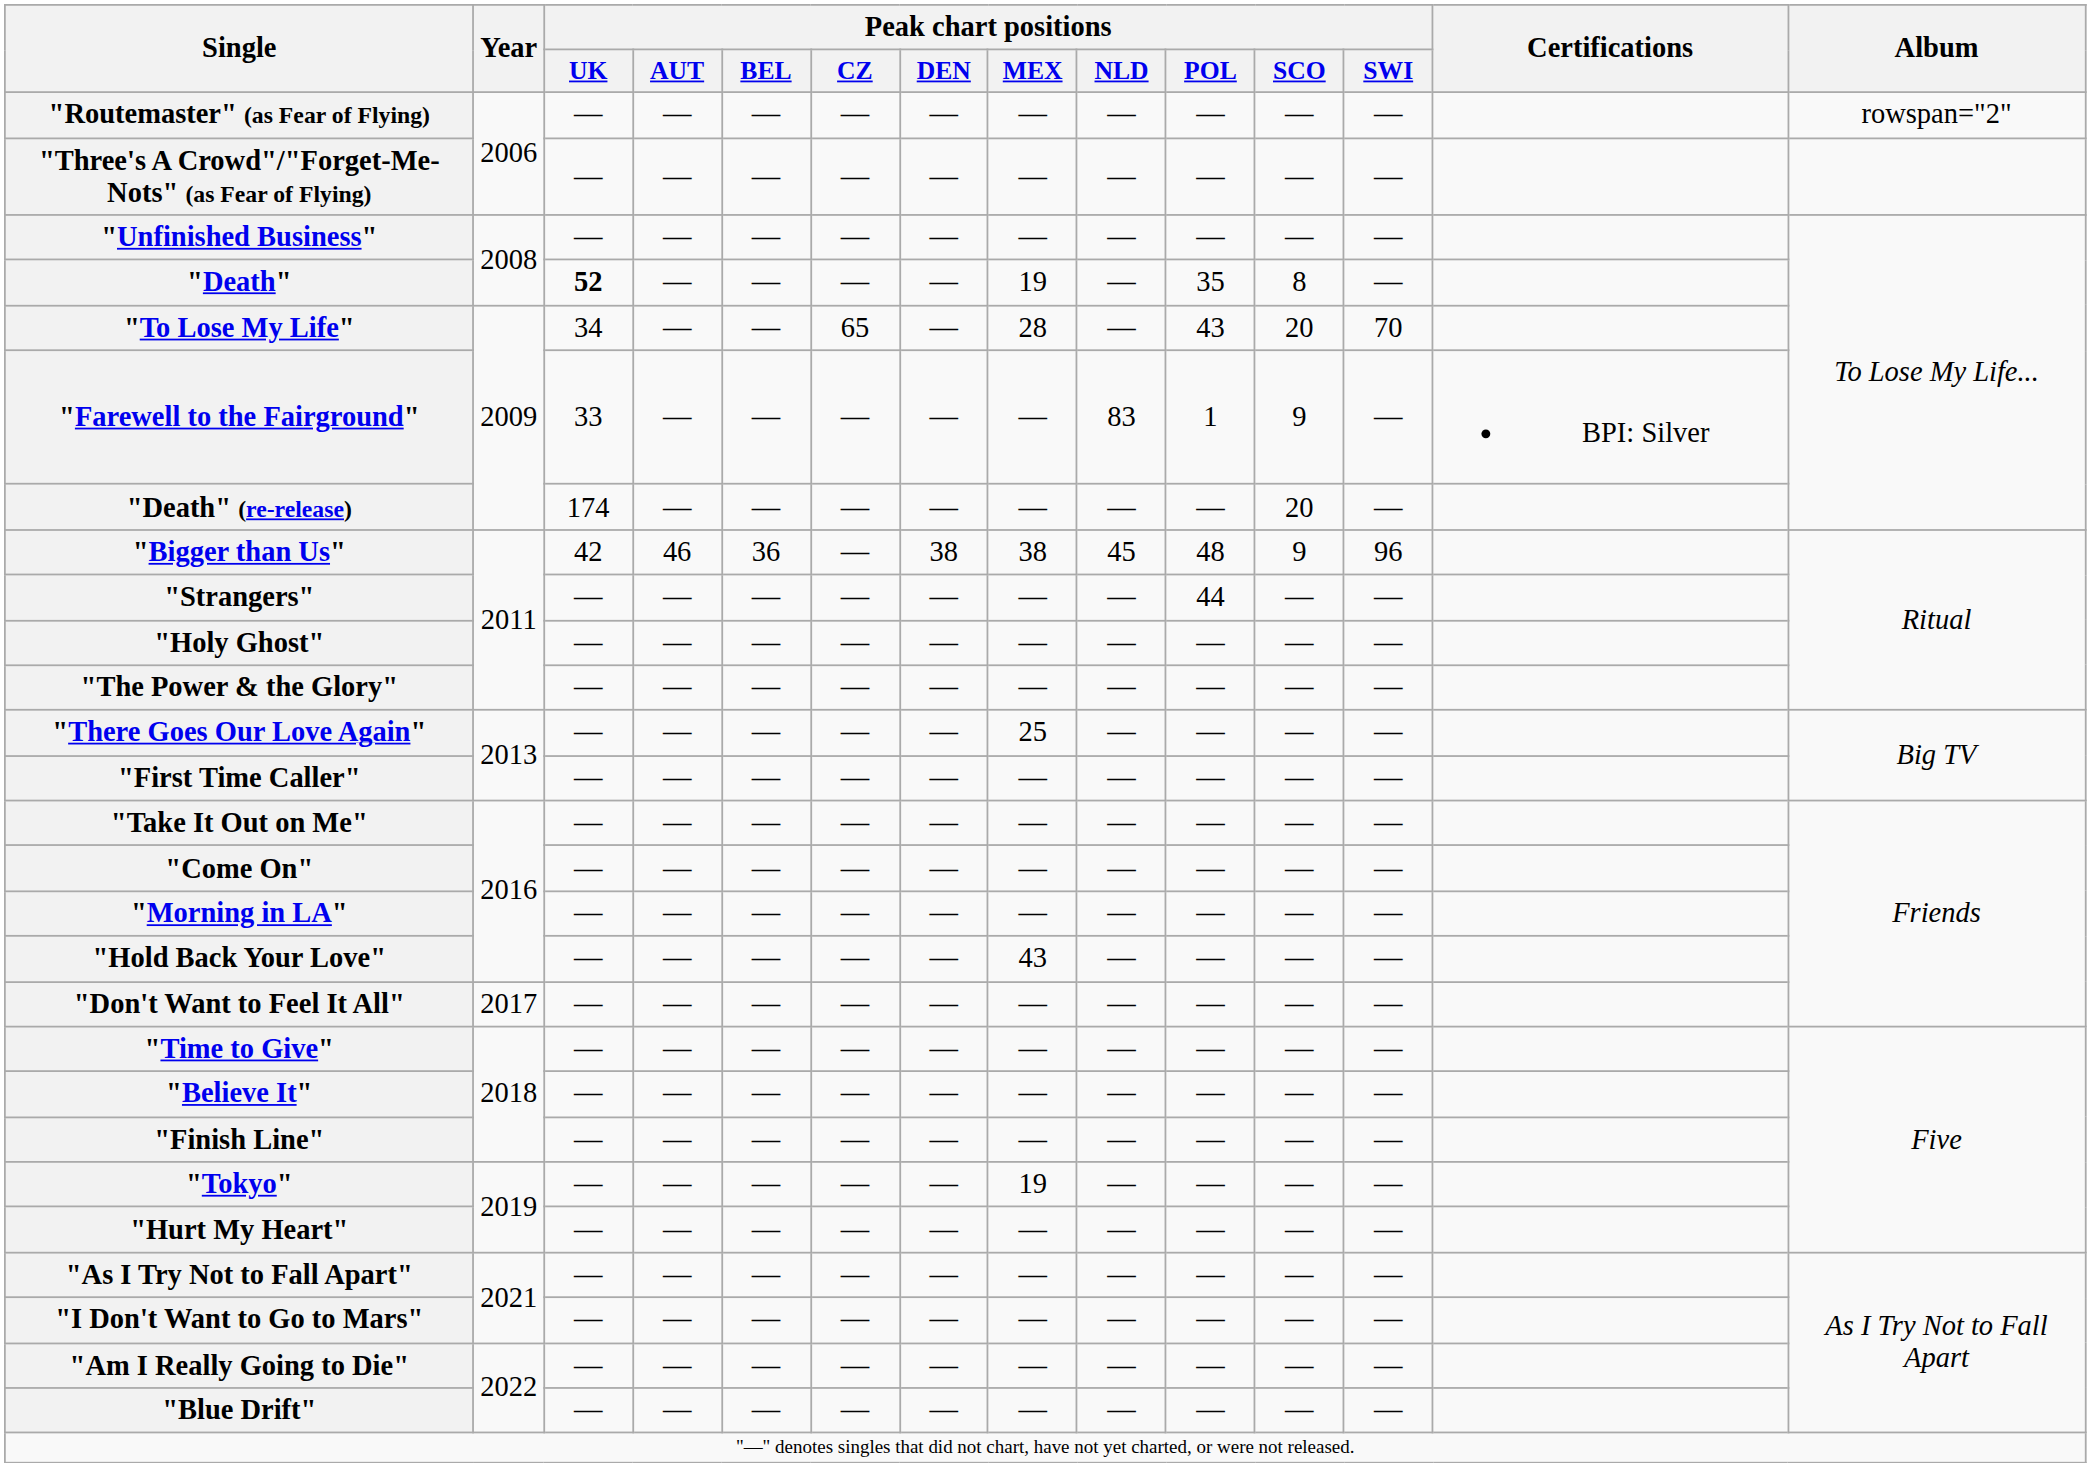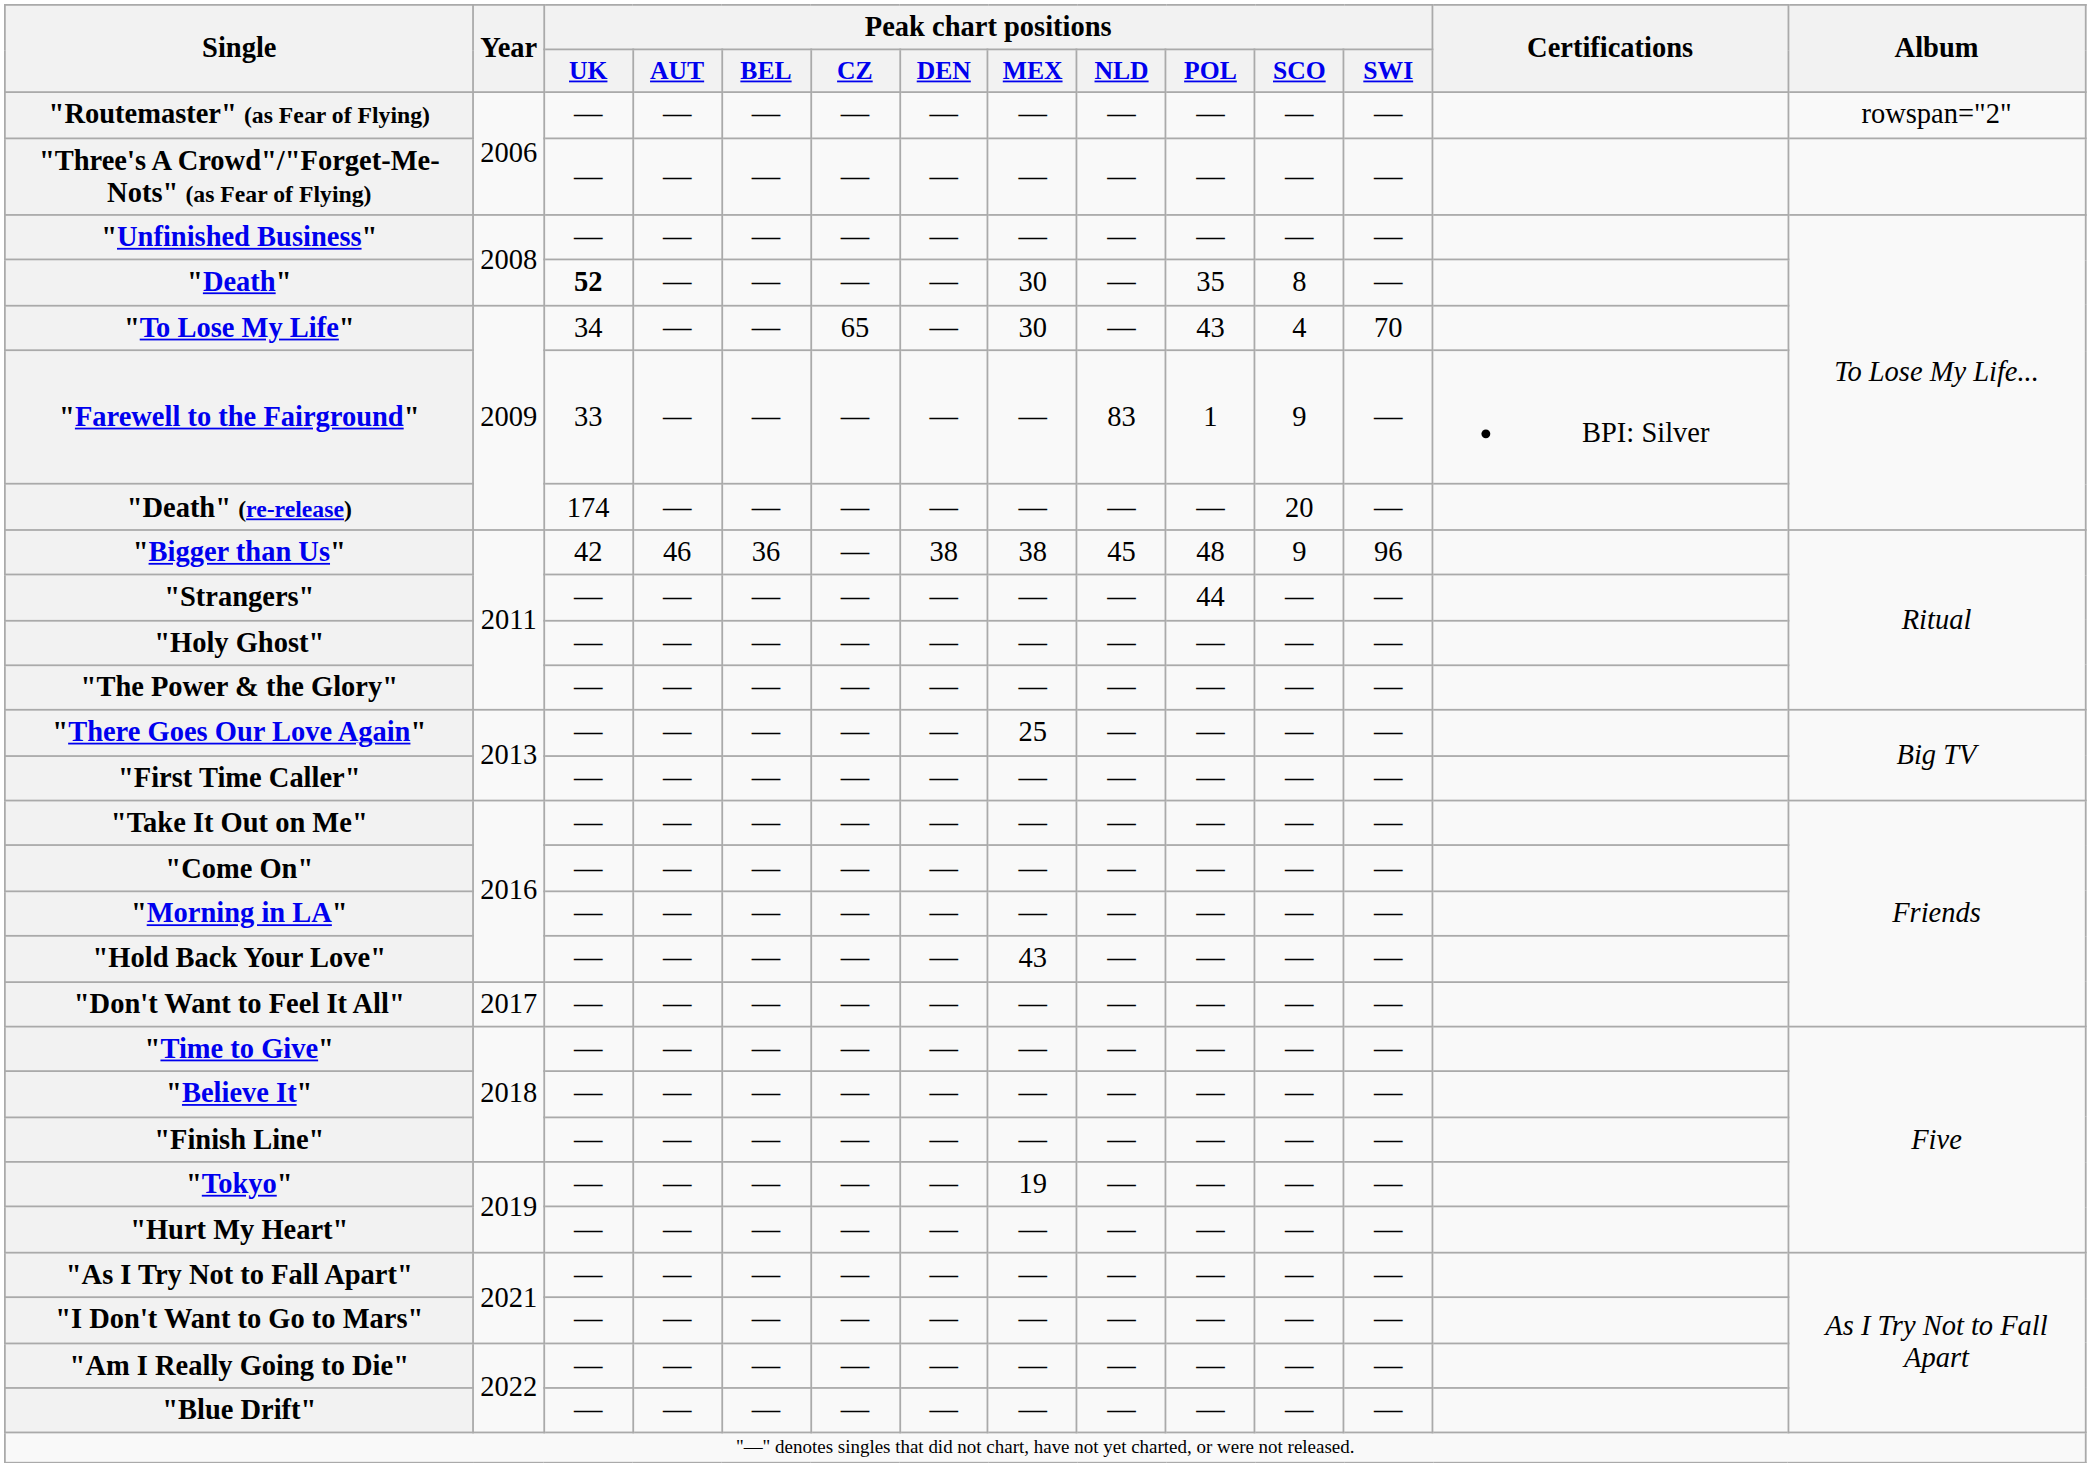 <table class="wikitable plainrowheaders" style="text-align:center;">
 <tr>
 <th scope="col" rowspan="2" style="width:16em;">Single</th>
 <th scope="col" rowspan="2">Year</th>
 <th scope="col" colspan="10">Peak chart positions</th>
 <th scope="col" rowspan="2" style="width:12em;">Certifications</th>
 <th scope="col" rowspan="2" style="width:10em;">Album</th>
 </tr>
 <tr>
 <th scope="col" style="width:3em;font-size:90%;"><a href='#'>UK</a><br></th>
 <th scope="col" style="width:3em;font-size:90%;"><a href='#'>AUT</a><br></th>
 <th scope="col" style="width:3em;font-size:90%;"><a href='#'>BEL</a><br></th>
 <th scope="col" style="width:3em;font-size:90%;"><a href='#'>CZ</a><br></th>
 <th scope="col" style="width:3em;font-size:90%;"><a href='#'>DEN</a><br></th>
 <th scope="col" style="width:3em;font-size:90%;"><a href='#'>MEX</a><br></th>
 <th scope="col" style="width:3em;font-size:90%;"><a href='#'>NLD</a><br></th>
 <th scope="col" style="width:3em;font-size:90%;"><a href='#'>POL</a><br></th>
 <th scope="col" style="width:3em;font-size:90%;"><a href='#'>SCO</a><br></th>
 <th scope="col" style="width:3em;font-size:90%;"><a href='#'>SWI</a><br></th>
 </tr>
 <tr>
 <th scope="row">"Routemaster" <small>(as Fear of Flying)</small></th>
 <td rowspan="2">2006</td>
 <td>—</td>
 <td>—</td>
 <td>—</td>
 <td>—</td>
 <td>—</td>
 <td>—</td>
 <td>—</td>
 <td>—</td>
 <td>—</td>
 <td>—</td>
 <td></td>
 <td>rowspan="2" </td>
 </tr>
 <tr>
 <th scope="row">"Three's A Crowd"/"Forget-Me-Nots" <small>(as Fear of Flying)</small></th>
 <td>—</td>
 <td>—</td>
 <td>—</td>
 <td>—</td>
 <td>—</td>
 <td>—</td>
 <td>—</td>
 <td>—</td>
 <td>—</td>
 <td>—</td>
 <td></td>
 </tr>
 <tr>
 <th scope="row">"<a href='#'>Unfinished Business</a>"</th>
 <td rowspan="2">2008</td>
 <td>—</td>
 <td>—</td>
 <td>—</td>
 <td>—</td>
 <td>—</td>
 <td>—</td>
 <td>—</td>
 <td>—</td>
 <td>—</td>
 <td>—</td>
 <td></td>
 <td rowspan="5"><em>To Lose My Life...</em></td>
 </tr>
 <tr>
 <th scope="row">"<a href='#'>Death</a>"</th>
 <td><strong>52</strong></td>
 <td>—</td>
 <td>—</td>
 <td>—</td>
 <td>—</td>
-<td>19</td>
+<td>30</td>
 <td>—</td>
 <td>35</td>
 <td>8</td>
 <td>—</td>
 <td></td>
 </tr>
 <tr>
 <th scope="row">"<a href='#'>To Lose My Life</a>"</th>
 <td rowspan="3">2009</td>
 <td>34</td>
 <td>—</td>
 <td>—</td>
 <td>65</td>
 <td>—</td>
-<td>28</td>
+<td>30</td>
 <td>—</td>
 <td>43</td>
-<td>20</td>
+<td>4</td>
 <td>70</td>
 <td></td>
 </tr>
 <tr>
 <th scope="row">"<a href='#'>Farewell to the Fairground</a>"</th>
 <td>33</td>
 <td>—</td>
 <td>—</td>
 <td>—</td>
 <td>—</td>
 <td>—</td>
 <td>83</td>
 <td>1</td>
 <td>9</td>
 <td>—</td>
 <td><br><ul><li>BPI: Silver</li></ul></td>
 </tr>
 <tr>
 <th scope="row">"Death" <small>(<a href='#'>re-release</a>)</small></th>
 <td>174</td>
 <td>—</td>
 <td>—</td>
 <td>—</td>
 <td>—</td>
 <td>—</td>
 <td>—</td>
 <td>—</td>
 <td>20</td>
 <td>—</td>
 <td></td>
 </tr>
 <tr>
 <th scope="row">"<a href='#'>Bigger than Us</a>"</th>
 <td rowspan="4">2011</td>
 <td>42</td>
 <td>46</td>
 <td>36</td>
 <td>—</td>
 <td>38</td>
 <td>38</td>
 <td>45</td>
 <td>48</td>
 <td>9</td>
 <td>96</td>
 <td></td>
 <td rowspan="4"><em>Ritual</em></td>
 </tr>
 <tr>
 <th scope="row">"Strangers"</th>
 <td>—</td>
 <td>—</td>
 <td>—</td>
 <td>—</td>
 <td>—</td>
 <td>—</td>
 <td>—</td>
 <td>44</td>
 <td>—</td>
 <td>—</td>
 <td></td>
 </tr>
 <tr>
 <th scope="row">"Holy Ghost"</th>
 <td>—</td>
 <td>—</td>
 <td>—</td>
 <td>—</td>
 <td>—</td>
 <td>—</td>
 <td>—</td>
 <td>—</td>
 <td>—</td>
 <td>—</td>
 <td></td>
 </tr>
 <tr>
 <th scope="row">"The Power & the Glory"</th>
 <td>—</td>
 <td>—</td>
 <td>—</td>
 <td>—</td>
 <td>—</td>
 <td>—</td>
 <td>—</td>
 <td>—</td>
 <td>—</td>
 <td>—</td>
 <td></td>
 </tr>
 <tr>
 <th scope="row">"<a href='#'>There Goes Our Love Again</a>"</th>
 <td rowspan="2">2013</td>
 <td>—</td>
 <td>—</td>
 <td>—</td>
 <td>—</td>
 <td>—</td>
 <td>25</td>
 <td>—</td>
 <td>—</td>
 <td>—</td>
 <td>—</td>
 <td></td>
 <td rowspan="2"><em>Big TV</em></td>
 </tr>
 <tr>
 <th scope="row">"First Time Caller"</th>
 <td>—</td>
 <td>—</td>
 <td>—</td>
 <td>—</td>
 <td>—</td>
 <td>—</td>
 <td>—</td>
 <td>—</td>
 <td>—</td>
 <td>—</td>
 <td></td>
 </tr>
 <tr>
 <th scope="row">"Take It Out on Me"</th>
 <td rowspan="4">2016</td>
 <td>—</td>
 <td>—</td>
 <td>—</td>
 <td>—</td>
 <td>—</td>
 <td>—</td>
 <td>—</td>
 <td>—</td>
 <td>—</td>
 <td>—</td>
 <td></td>
 <td rowspan="5"><em>Friends</em></td>
 </tr>
 <tr>
 <th scope="row">"Come On"</th>
 <td>—</td>
 <td>—</td>
 <td>—</td>
 <td>—</td>
 <td>—</td>
 <td>—</td>
 <td>—</td>
 <td>—</td>
 <td>—</td>
 <td>—</td>
 <td></td>
 </tr>
 <tr>
 <th scope="row">"<a href='#'>Morning in LA</a>"</th>
 <td>—</td>
 <td>—</td>
 <td>—</td>
 <td>—</td>
 <td>—</td>
 <td>—</td>
 <td>—</td>
 <td>—</td>
 <td>—</td>
 <td>—</td>
 <td></td>
 </tr>
 <tr>
 <th scope="row">"Hold Back Your Love"</th>
 <td>—</td>
 <td>—</td>
 <td>—</td>
 <td>—</td>
 <td>—</td>
 <td>43</td>
 <td>—</td>
 <td>—</td>
 <td>—</td>
 <td>—</td>
 </tr>
 <tr>
 <th scope="row">"Don't Want to Feel It All"</th>
 <td>2017</td>
 <td>—</td>
 <td>—</td>
 <td>—</td>
 <td>—</td>
 <td>—</td>
 <td>—</td>
 <td>—</td>
 <td>—</td>
 <td>—</td>
 <td>—</td>
 <td></td>
 </tr>
 <tr>
 <th scope="row">"<a href='#'>Time to Give</a>"</th>
 <td rowspan="3">2018</td>
 <td>—</td>
 <td>—</td>
 <td>—</td>
 <td>—</td>
 <td>—</td>
 <td>—</td>
 <td>—</td>
 <td>—</td>
 <td>—</td>
 <td>—</td>
 <td></td>
 <td rowspan="5"><em>Five</em></td>
 </tr>
 <tr>
 <th scope="row">"<a href='#'>Believe It</a>"</th>
 <td>—</td>
 <td>—</td>
 <td>—</td>
 <td>—</td>
 <td>—</td>
 <td>—</td>
 <td>—</td>
 <td>—</td>
 <td>—</td>
 <td>—</td>
 <td></td>
 </tr>
 <tr>
 <th scope="row">"Finish Line"</th>
 <td>—</td>
 <td>—</td>
 <td>—</td>
 <td>—</td>
 <td>—</td>
 <td>—</td>
 <td>—</td>
 <td>—</td>
 <td>—</td>
 <td>—</td>
 </tr>
 <tr>
 <th scope="row">"<a href='#'>Tokyo</a>"</th>
 <td rowspan="2">2019</td>
 <td>—</td>
 <td>—</td>
 <td>—</td>
 <td>—</td>
 <td>—</td>
 <td>19</td>
 <td>—</td>
 <td>—</td>
 <td>—</td>
 <td>—</td>
 <td></td>
 </tr>
 <tr>
 <th scope="row">"Hurt My Heart"</th>
 <td>—</td>
 <td>—</td>
 <td>—</td>
 <td>—</td>
 <td>—</td>
 <td>—</td>
 <td>—</td>
 <td>—</td>
 <td>—</td>
 <td>—</td>
 <td></td>
 </tr>
 <tr>
 <th scope="row">"As I Try Not to Fall Apart"</th>
 <td rowspan="2">2021</td>
 <td>—</td>
 <td>—</td>
 <td>—</td>
 <td>—</td>
 <td>—</td>
 <td>—</td>
 <td>—</td>
 <td>—</td>
 <td>—</td>
 <td>—</td>
 <td></td>
 <td rowspan="4"><em>As I Try Not to Fall Apart</em></td>
 </tr>
 <tr>
 <th scope="row">"I Don't Want to Go to Mars"</th>
 <td>—</td>
 <td>—</td>
 <td>—</td>
 <td>—</td>
 <td>—</td>
 <td>—</td>
 <td>—</td>
 <td>—</td>
 <td>—</td>
 <td>—</td>
 <td></td>
 </tr>
 <tr>
 <th scope="row">"Am I Really Going to Die"</th>
 <td rowspan="2">2022</td>
 <td>—</td>
 <td>—</td>
 <td>—</td>
 <td>—</td>
 <td>—</td>
 <td>—</td>
 <td>—</td>
 <td>—</td>
 <td>—</td>
 <td>—</td>
 <td></td>
 </tr>
 <tr>
 <th scope="row">"Blue Drift"</th>
 <td>—</td>
 <td>—</td>
 <td>—</td>
 <td>—</td>
 <td>—</td>
 <td>—</td>
 <td>—</td>
 <td>—</td>
 <td>—</td>
 <td>—</td>
 <td></td>
 </tr>
 <tr>
 <td colspan="14" style="font-size: 8pt">"—" denotes singles that did not chart, have not yet charted, or were not released.</td>
 </tr>
 </table>
